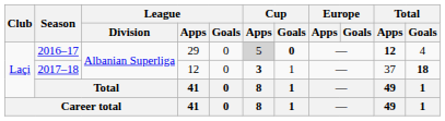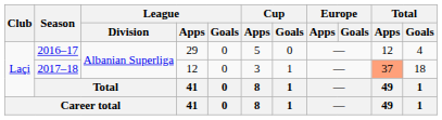 <table class="wikitable" style="text-align:center">
 <tr>
 <th rowspan="2">Club</th>
 <th rowspan="2">Season</th>
 <th colspan="3">League</th>
 <th colspan="2">Cup</th>
 <th colspan="2">Europe</th>
 <th colspan="2">Total</th>
 </tr>
 <tr>
 <th>Division</th>
 <th>Apps</th>
 <th>Goals</th>
 <th>Apps</th>
 <th>Goals</th>
 <th>Apps</th>
 <th>Goals</th>
 <th>Apps</th>
 <th>Goals</th>
 </tr>
 <tr>
 <td rowspan="3"><a href='#'>Laçi</a></td>
 <td><a href='#'>2016–17</a></td>
 <td rowspan="2"><a href='#'>Albanian Superliga</a></td>
 <td>29</td>
 <td>0</td>
-<td style="background: lightgrey;">5</td>
-<td><strong>0</strong></td>
+<td>5</td>
+<td>0</td>
 <td colspan="2">—</td>
-<td><strong>12</strong></td>
+<td>12</td>
 <td>4</td>
 </tr>
 <tr>
 <td><a href='#'>2017–18</a></td>
 <td>12</td>
 <td>0</td>
-<td><strong>3</strong></td>
+<td>3</td>
 <td>1</td>
 <td colspan="2">—</td>
-<td>37</td>
-<td><strong>18</strong></td>
+<td style="background: lightsalmon;">37</td>
+<td>18</td>
 </tr>
 <tr>
 <th colspan="2">Total</th>
 <th>41</th>
 <th>0</th>
 <th>8</th>
 <th>1</th>
 <th colspan="2">—</th>
 <th>49</th>
 <th>1</th>
 </tr>
 <tr>
 <th colspan="3">Career total</th>
 <th>41</th>
 <th>0</th>
 <th>8</th>
 <th>1</th>
 <th colspan="2">—</th>
 <th>49</th>
 <th>1</th>
 </tr>
 </table>
